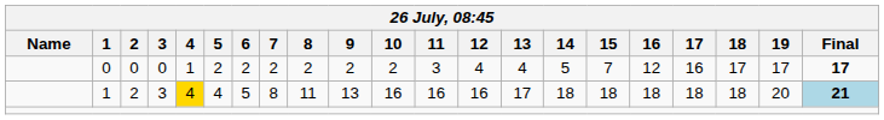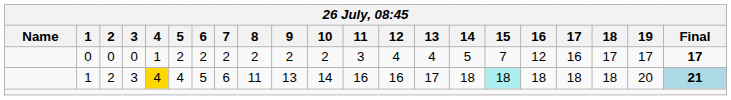 <table class=wikitable style="text-align:center; width: 55%">
 <tr>
 <th colspan=21><em>26 July, 08:45</em></th>
 </tr>
 <tr>
 <th>Name</th>
 <th>1</th>
 <th>2</th>
 <th>3</th>
 <th>4</th>
 <th>5</th>
 <th>6</th>
 <th>7</th>
 <th>8</th>
 <th>9</th>
 <th>10</th>
 <th>11</th>
 <th>12</th>
 <th>13</th>
 <th>14</th>
 <th>15</th>
 <th>16</th>
 <th>17</th>
 <th>18</th>
 <th>19</th>
 <th>Final</th>
 </tr>
 <tr>
 <td align=left></td>
 <td>0</td>
 <td>0</td>
 <td>0</td>
 <td>1</td>
 <td>2</td>
 <td>2</td>
 <td>2</td>
 <td>2</td>
 <td>2</td>
 <td>2</td>
 <td>3</td>
 <td>4</td>
 <td>4</td>
 <td>5</td>
 <td>7</td>
 <td>12</td>
 <td>16</td>
 <td>17</td>
 <td>17</td>
 <td><strong>17</strong></td>
 </tr>
 <tr>
 <td align=left><strong></strong></td>
 <td>1</td>
 <td>2</td>
 <td>3</td>
 <td style="background: gold;">4</td>
 <td>4</td>
 <td>5</td>
-<td>8</td>
+<td>6</td>
 <td>11</td>
 <td>13</td>
-<td>16</td>
+<td>14</td>
 <td>16</td>
 <td>16</td>
 <td>17</td>
 <td>18</td>
-<td>18</td>
+<td style="background: paleturquoise;">18</td>
 <td>18</td>
 <td>18</td>
 <td>18</td>
 <td>20</td>
 <td style="background: lightblue;"><strong>21</strong></td>
 </tr>
 <tr>
 <td colspan=21></td>
 </tr>
 </table>
